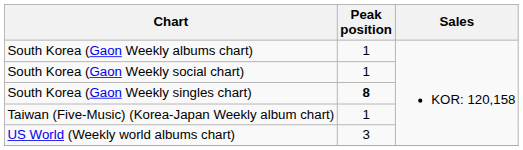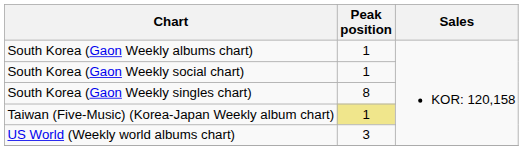 <table class="wikitable sortable">
 <tr>
 <th>Chart</th>
 <th>Peak<br>position</th>
 <th style="text-align:center;">Sales</th>
 </tr>
 <tr>
 <td>South Korea (<a href='#'>Gaon</a> Weekly albums chart)</td>
 <td align="center">1</td>
 <td rowspan="5"><br><ul><li>KOR: 120,158</li></ul></td>
 </tr>
 <tr>
 <td>South Korea (<a href='#'>Gaon</a> Weekly social chart)</td>
 <td align="center">1</td>
 </tr>
 <tr>
 <td>South Korea (<a href='#'>Gaon</a> Weekly singles chart)</td>
-<td align="center"><strong>8</strong></td>
+<td align="center">8</td>
 </tr>
 <tr>
 <td>Taiwan (Five-Music) (Korea-Japan Weekly album chart)</td>
-<td align="center">1</td>
+<td align="center" style="background: khaki;">1</td>
 </tr>
 <tr>
 <td><a href='#'>US World</a> (Weekly world albums chart)</td>
 <td align="center">3</td>
 </tr>
 <tr>
 </tr>
 </table>
